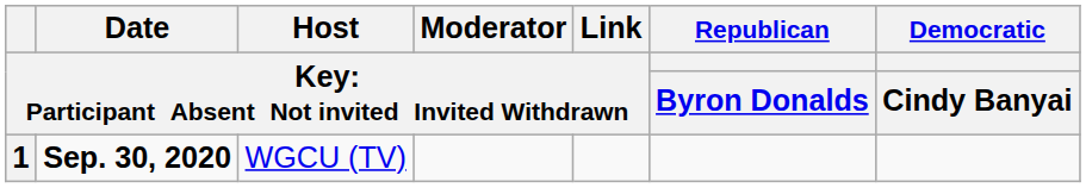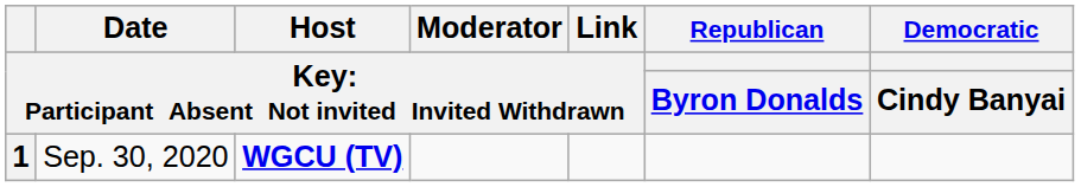 <table class="wikitable" style="text-align:center;">
 <tr>
 <th scope="col"></th>
 <th scope="col">Date</th>
 <th scope="col">Host</th>
 <th scope="col">Moderator</th>
 <th scope="col">Link</th>
 <th scope="col"><small><a href='#'>Republican</a></small></th>
 <th scope="col"><small><a href='#'>Democratic</a></small></th>
 </tr>
 <tr>
 <th colspan="5" rowspan="2">Key:<br> <small>Participant </small>  <small>Absent </small>  <small>Not invited </small>  <small>Invited  Withdrawn</small></th>
 <th scope="col" style="background:"></th>
 <th scope="col" style="background:"></th>
 </tr>
 <tr>
 <th scope="col"><a href='#'>Byron Donalds</a></th>
 <th scope="col">Cindy Banyai</th>
 </tr>
 <tr>
 <th>1</th>
-<td style="white-space:nowrap;"><strong>Sep. 30, 2020</strong></td>
-<td style="white-space:nowrap;"><a href='#'>WGCU (TV)</a></td>
+<td style="white-space:nowrap;">Sep. 30, 2020</td>
+<td style="white-space:nowrap;"><strong><a href='#'>WGCU (TV)</a></strong></td>
 <td style="white-space:nowrap;"></td>
 <td style="white-space:nowrap;"></td>
 <td></td>
 <td></td>
 </tr>
 </table>
